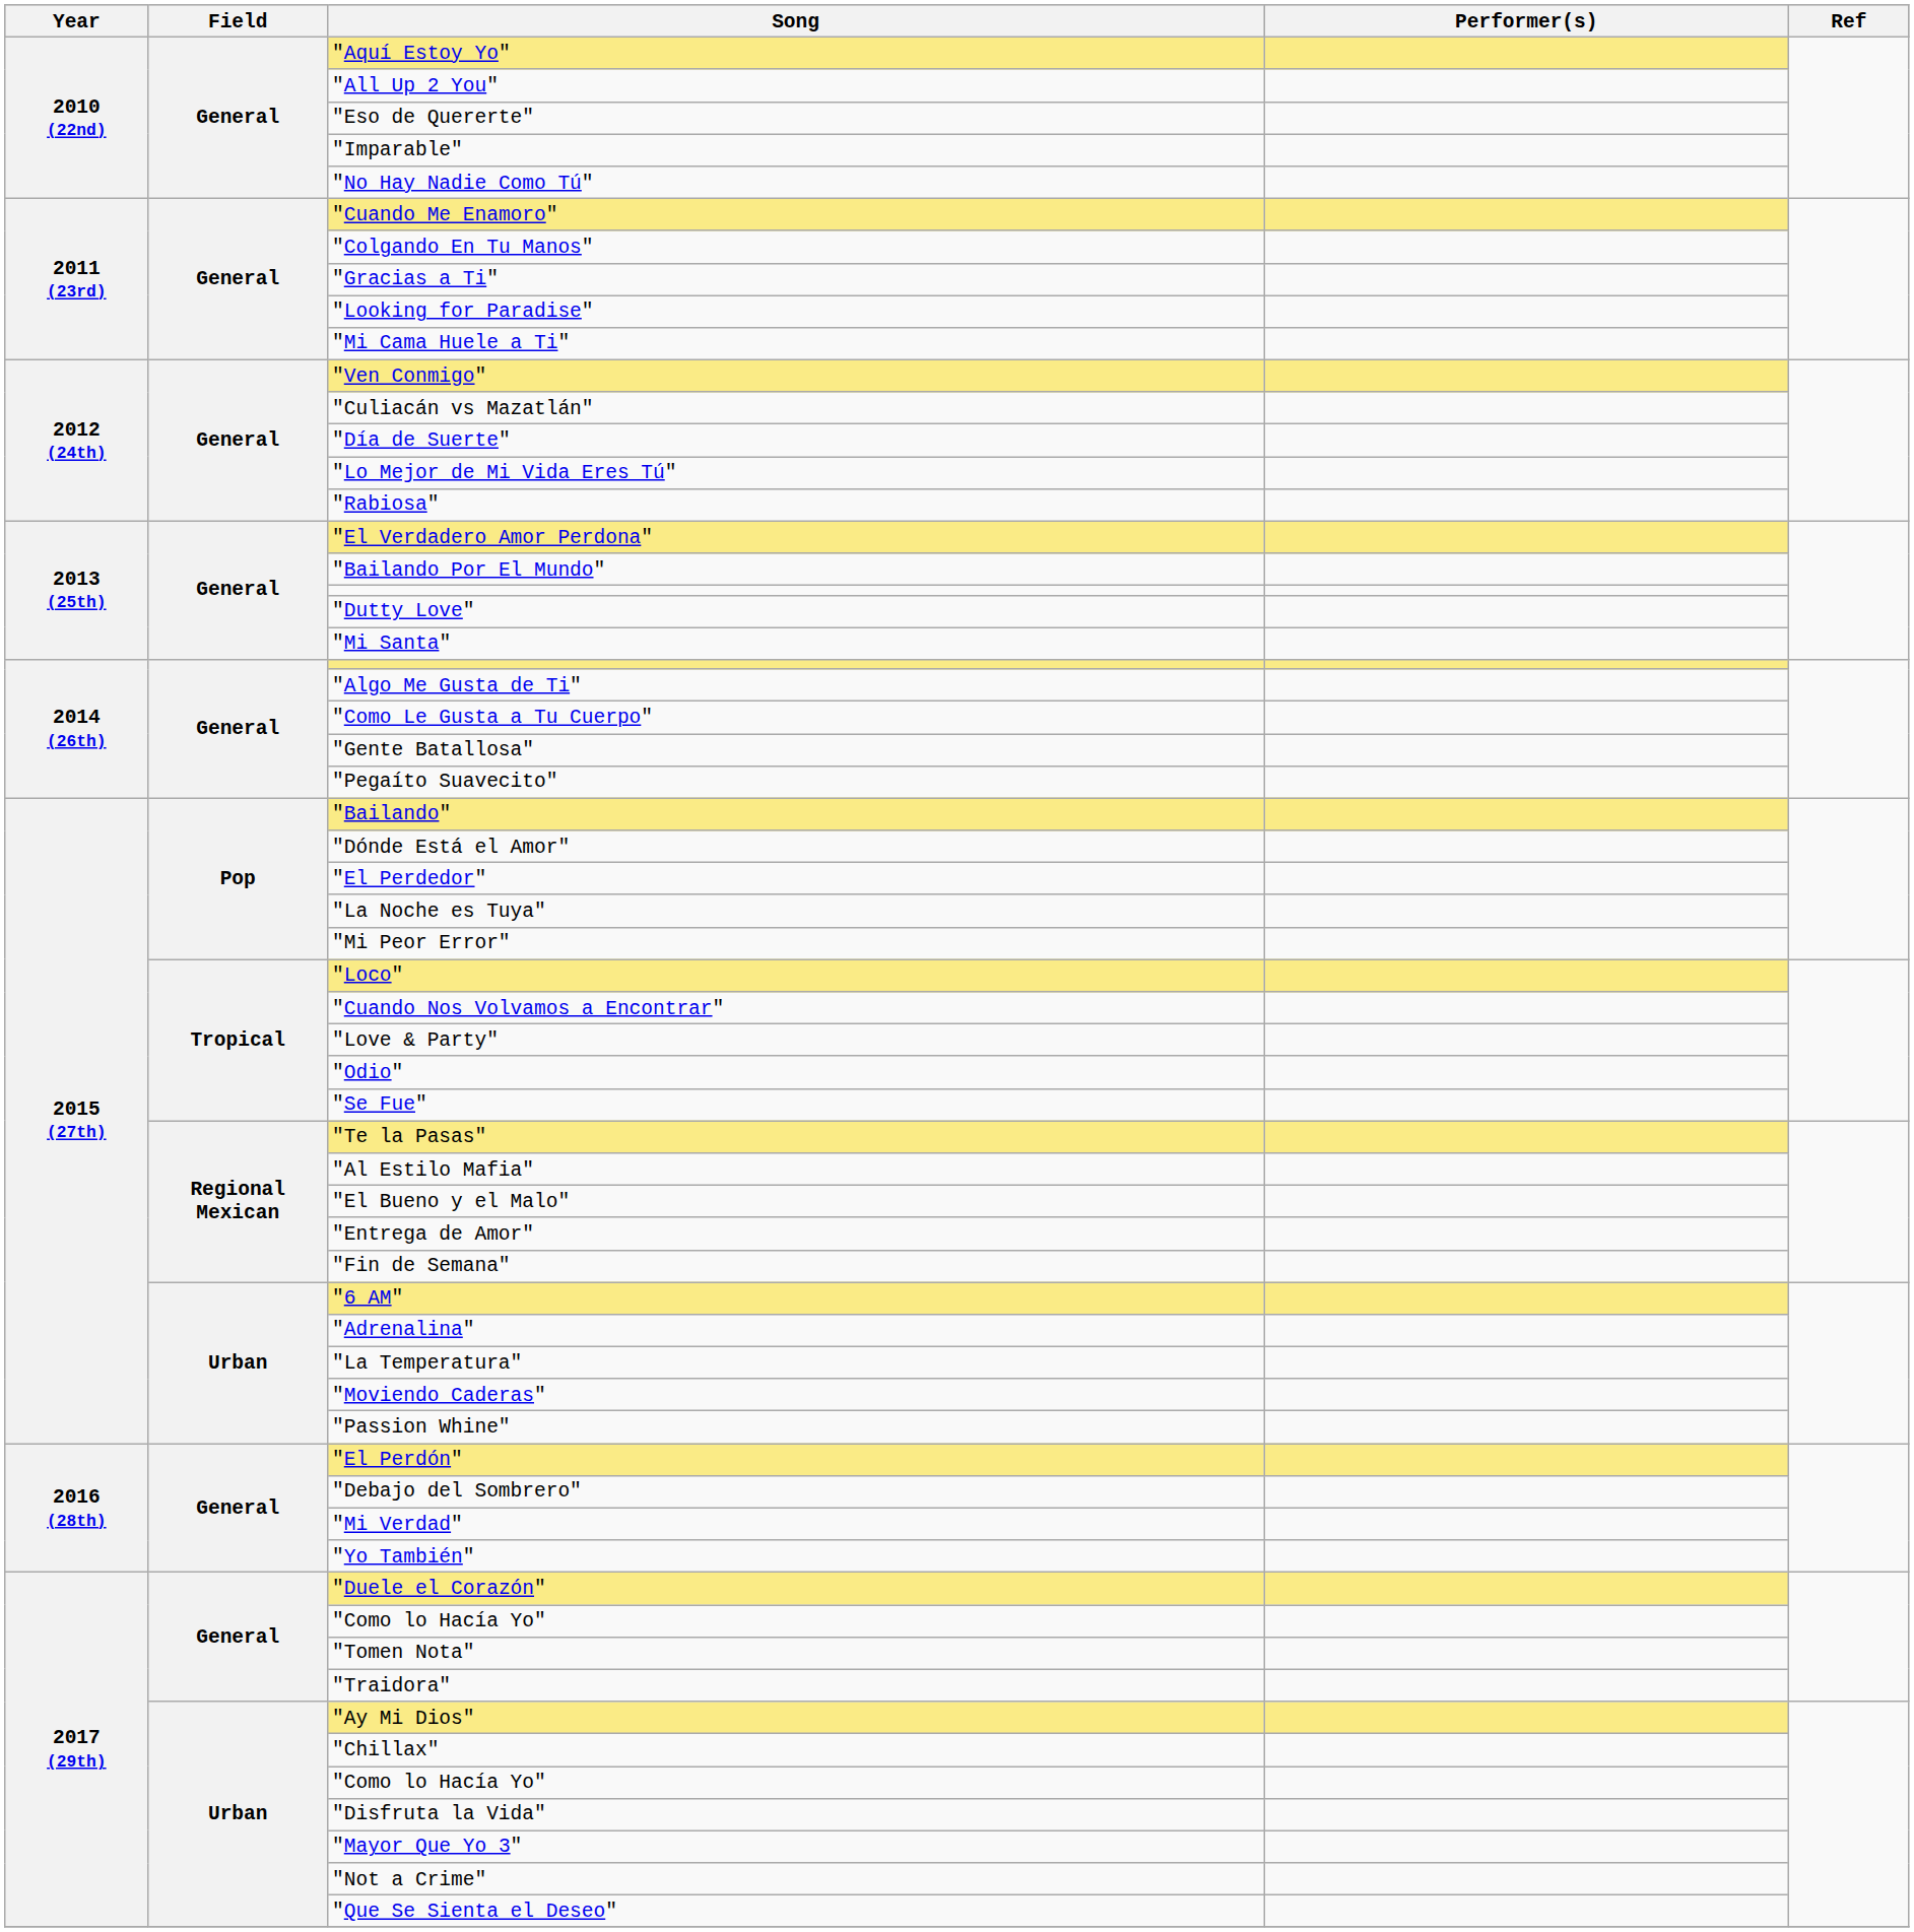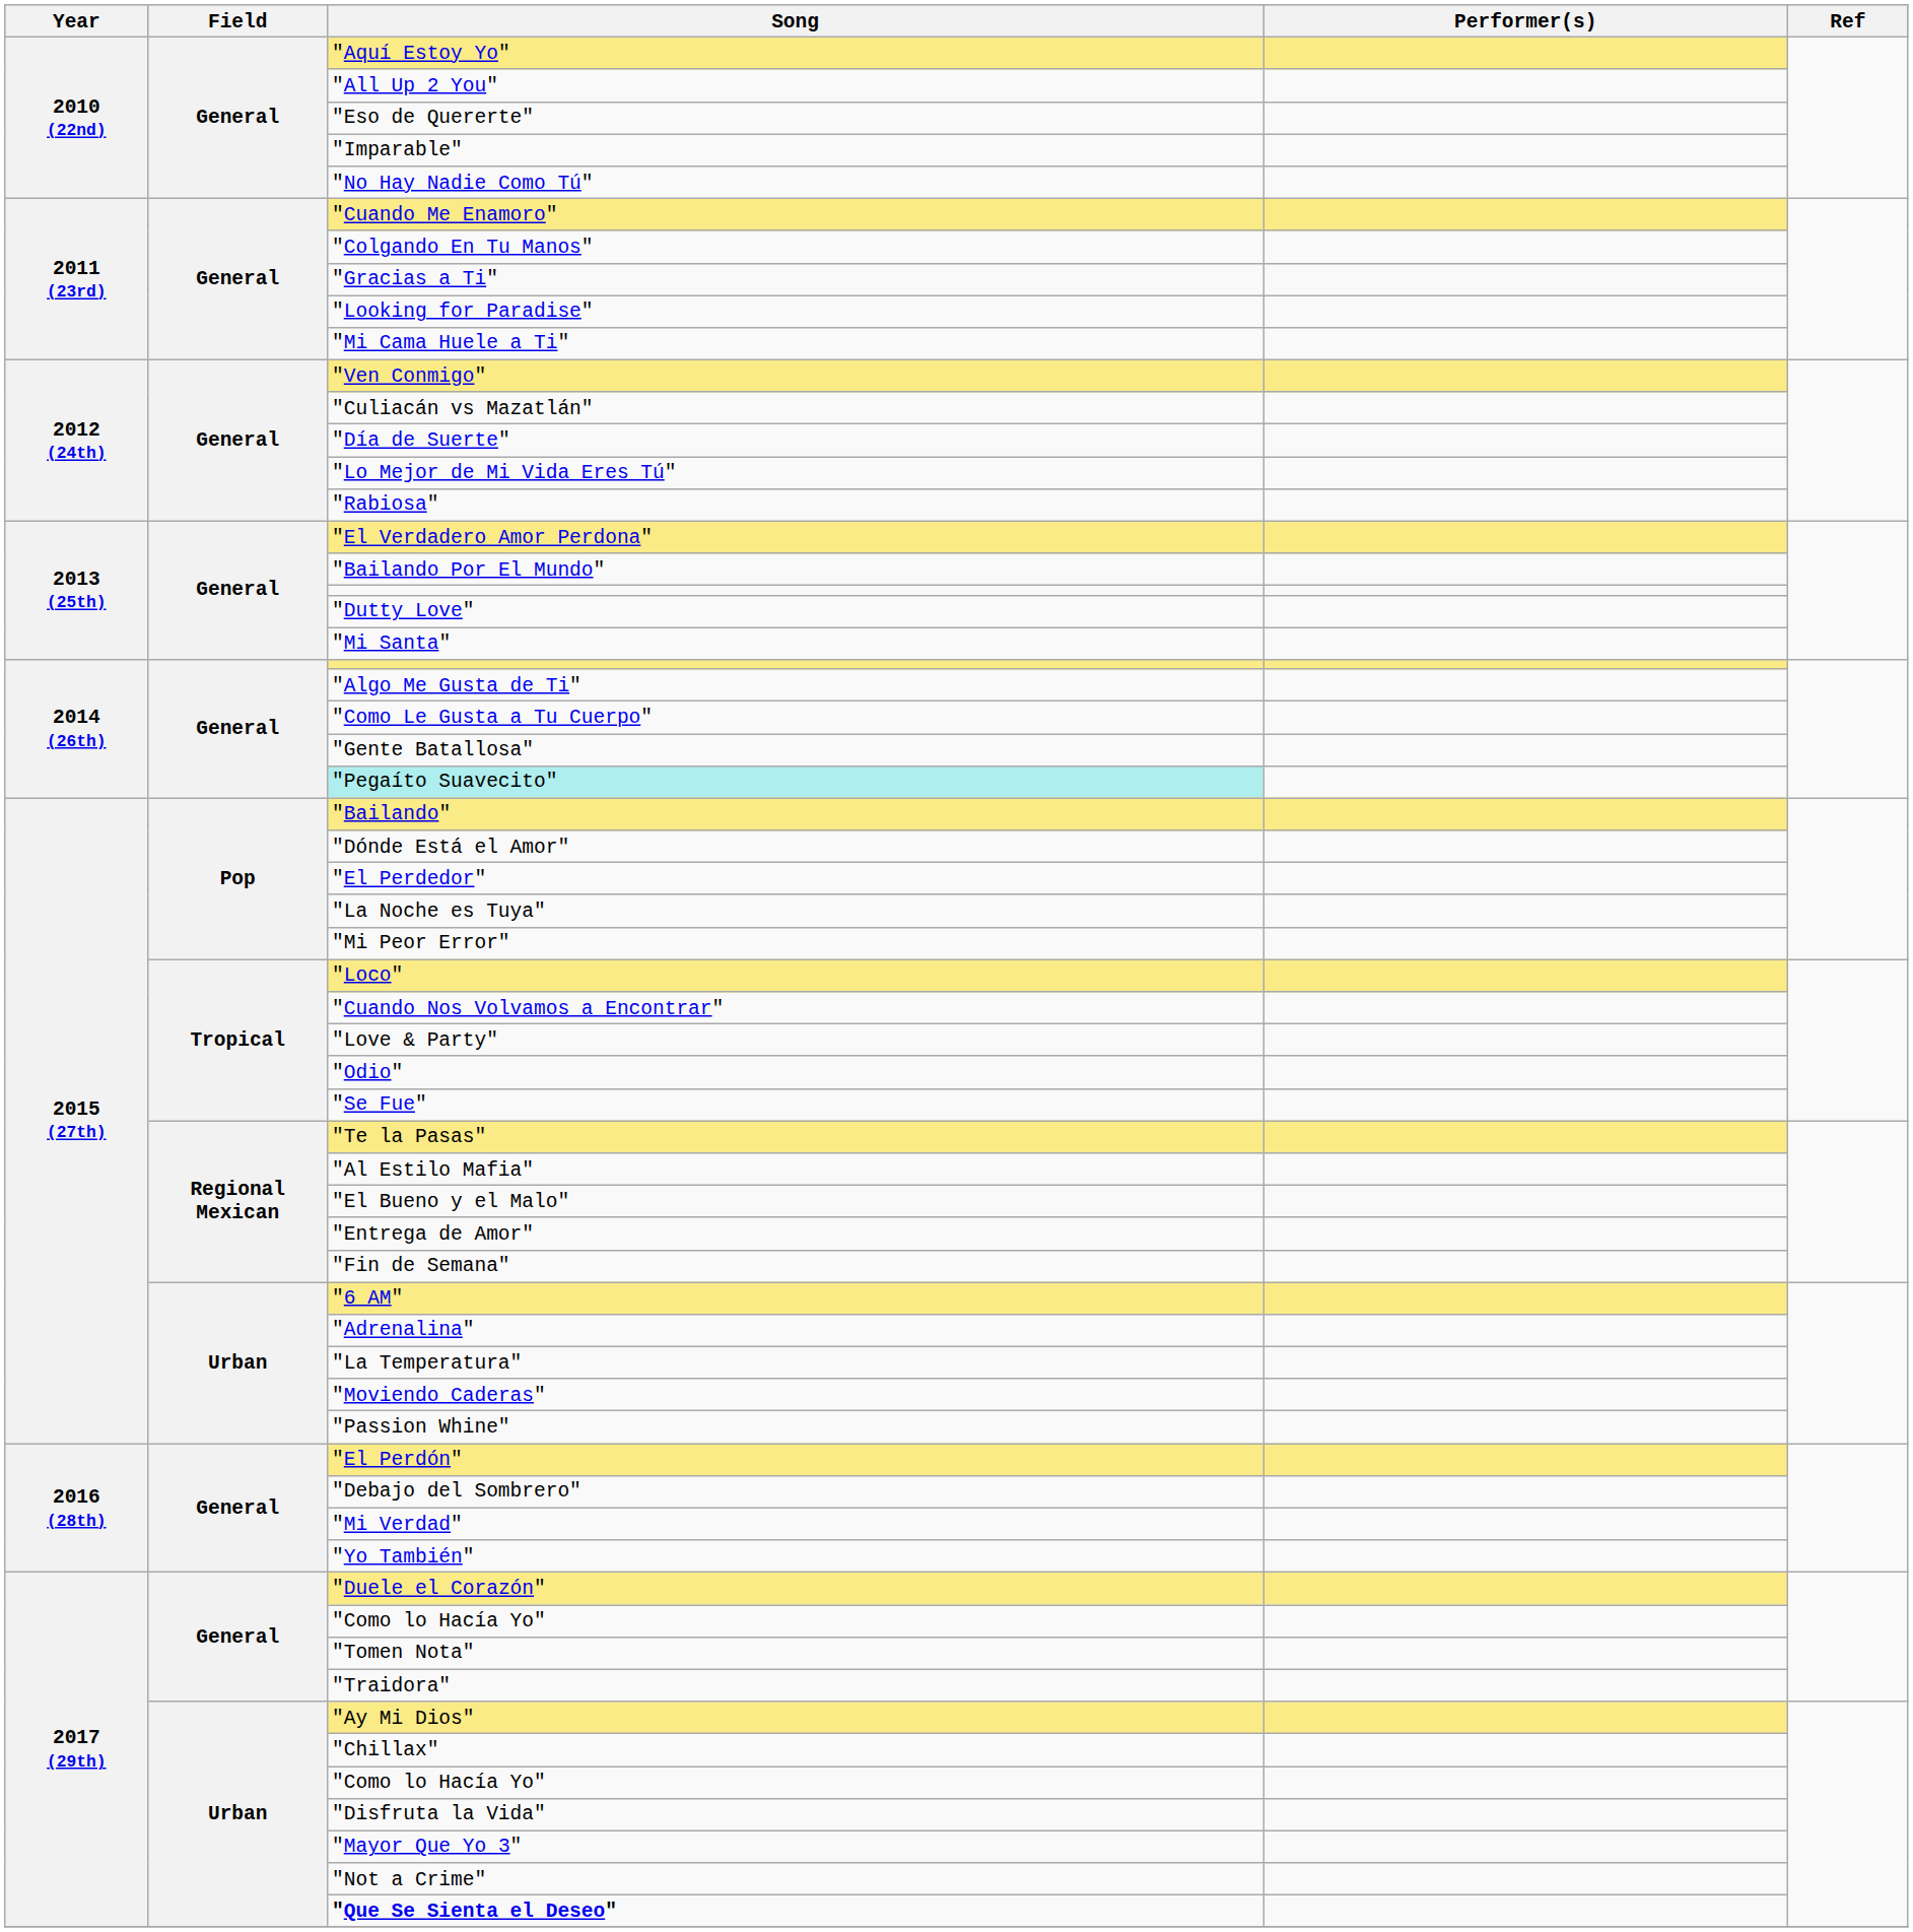 <table class="wikitable sortable">
 <tr style="background:#bebebe;">
 <th scope="col" style="width:1%;">Year</th>
 <th scope="col" style="width:1%;" class="unsortable">Field</th>
 <th scope="col" style="width:10%;">Song</th>
 <th scope="col" style="width:5%;">Performer(s)</th>
 <th scope="col" style="width:1%;" class="unsortable">Ref</th>
 </tr>
 <tr>
 <th scope="row" rowspan=5 style="text-align:center">2010 <br><small><a href='#'>(22nd)</a></small></th>
 <th scope="row" rowspan=5 style="text-align:center">General <br><small></small></th>
 <td style="background:#FAEB86">"<a href='#'>Aquí Estoy Yo</a>"</td>
 <td style="background:#FAEB86"></td>
 <td rowspan=5></td>
 </tr>
 <tr>
 <td>"<a href='#'>All Up 2 You</a>"</td>
 <td></td>
 </tr>
 <tr>
 <td>"Eso de Quererte"</td>
 <td></td>
 </tr>
 <tr>
 <td>"Imparable"</td>
 <td></td>
 </tr>
 <tr>
 <td>"<a href='#'>No Hay Nadie Como Tú</a>"</td>
 <td></td>
 </tr>
 <tr>
 <th scope="row" rowspan=5 style="text-align:center">2011 <br><small><a href='#'>(23rd)</a></small></th>
 <th scope="row" rowspan=5 style="text-align:center">General <br><small></small></th>
 <td style="background:#FAEB86">"<a href='#'>Cuando Me Enamoro</a>"</td>
 <td style="background:#FAEB86"></td>
 <td rowspan=5></td>
 </tr>
 <tr>
 <td>"<a href='#'>Colgando En Tu Manos</a>"</td>
 <td></td>
 </tr>
 <tr>
 <td>"<a href='#'>Gracias a Ti</a>"</td>
 <td></td>
 </tr>
 <tr>
 <td>"<a href='#'>Looking for Paradise</a>"</td>
 <td></td>
 </tr>
 <tr>
 <td>"<a href='#'>Mi Cama Huele a Ti</a>"</td>
 <td></td>
 </tr>
 <tr>
 <th scope="row" rowspan=5 style="text-align:center">2012 <br><small><a href='#'>(24th)</a></small></th>
 <th scope="row" rowspan=5 style="text-align:center">General <br><small></small></th>
 <td style="background:#FAEB86">"<a href='#'>Ven Conmigo</a>"</td>
 <td style="background:#FAEB86"></td>
 <td rowspan=5></td>
 </tr>
 <tr>
 <td>"Culiacán vs Mazatlán"</td>
 <td></td>
 </tr>
 <tr>
 <td>"<a href='#'>Día de Suerte</a>"</td>
 <td></td>
 </tr>
 <tr>
 <td>"<a href='#'>Lo Mejor de Mi Vida Eres Tú</a>"</td>
 <td></td>
 </tr>
 <tr>
 <td>"<a href='#'>Rabiosa</a>"</td>
 <td></td>
 </tr>
 <tr>
 <th scope="row" rowspan=5 style="text-align:center">2013 <br><small><a href='#'>(25th)</a></small></th>
 <th scope="row" rowspan=5 style="text-align:center">General <br><small></small></th>
 <td style="background:#FAEB86">"<a href='#'>El Verdadero Amor Perdona</a>"</td>
 <td style="background:#FAEB86"></td>
 <td rowspan=5></td>
 </tr>
 <tr>
 <td>"<a href='#'>Bailando Por El Mundo</a>"</td>
 <td></td>
 </tr>
 <tr>
 <td></td>
 <td></td>
 </tr>
 <tr>
 <td>"<a href='#'>Dutty Love</a>"</td>
 <td></td>
 </tr>
 <tr>
 <td>"<a href='#'>Mi Santa</a>"</td>
 <td></td>
 </tr>
 <tr>
 <th scope="row" rowspan=5 style="text-align:center">2014 <br><small><a href='#'>(26th)</a></small></th>
 <th scope="row" rowspan=5 style="text-align:center">General <br><small></small></th>
 <td style="background:#FAEB86"></td>
 <td style="background:#FAEB86"></td>
 <td rowspan=5></td>
 </tr>
 <tr>
 <td>"<a href='#'>Algo Me Gusta de Ti</a>"</td>
 <td></td>
 </tr>
 <tr>
 <td>"<a href='#'>Como Le Gusta a Tu Cuerpo</a>"</td>
 <td></td>
 </tr>
 <tr>
 <td>"Gente Batallosa"</td>
 <td></td>
 </tr>
 <tr>
-<td>"Pegaíto Suavecito"</td>
+<td style="background: paleturquoise;">"Pegaíto Suavecito"</td>
 <td></td>
 </tr>
 <tr>
 <th scope="row" rowspan=20 style="text-align:center">2015 <br><small><a href='#'>(27th)</a></small></th>
 <th scope="row" rowspan=5 style="text-align:center">Pop <br><small></small></th>
 <td style="background:#FAEB86">"<a href='#'>Bailando</a>"</td>
 <td style="background:#FAEB86"></td>
 <td rowspan=5></td>
 </tr>
 <tr>
 <td>"Dónde Está el Amor"</td>
 <td></td>
 </tr>
 <tr>
 <td>"<a href='#'>El Perdedor</a>"</td>
 <td></td>
 </tr>
 <tr>
 <td>"La Noche es Tuya"</td>
 <td></td>
 </tr>
 <tr>
 <td>"Mi Peor Error"</td>
 <td></td>
 </tr>
 <tr>
 <th scope="row" rowspan=5 style="text-align:center">Tropical <br><small></small></th>
 <td style="background:#FAEB86">"<a href='#'>Loco</a>"</td>
 <td style="background:#FAEB86"></td>
 <td rowspan=5 style="text-align:center;"></td>
 </tr>
 <tr>
 <td>"<a href='#'>Cuando Nos Volvamos a Encontrar</a>"</td>
 <td></td>
 </tr>
 <tr>
 <td>"Love & Party"</td>
 <td></td>
 </tr>
 <tr>
 <td>"<a href='#'>Odio</a>"</td>
 <td></td>
 </tr>
 <tr>
 <td>"<a href='#'>Se Fue</a>"</td>
 <td></td>
 </tr>
 <tr>
 <th scope="row" rowspan=5 style="text-align:center">Regional Mexican <br><small></small></th>
 <td style="background:#FAEB86">"Te la Pasas"</td>
 <td style="background:#FAEB86"></td>
 <td rowspan=5 style="text-align:center;"></td>
 </tr>
 <tr>
 <td>"Al Estilo Mafia"</td>
 <td></td>
 </tr>
 <tr>
 <td>"El Bueno y el Malo"</td>
 <td></td>
 </tr>
 <tr>
 <td>"Entrega de Amor"</td>
 <td></td>
 </tr>
 <tr>
 <td>"Fin de Semana"</td>
 <td></td>
 </tr>
 <tr>
 <th scope="row" rowspan=5 style="text-align:center">Urban <br><small></small></th>
 <td style="background:#FAEB86">"<a href='#'>6 AM</a>"</td>
 <td style="background:#FAEB86"></td>
 <td rowspan=5 style="text-align:center;"></td>
 </tr>
 <tr>
 <td>"<a href='#'>Adrenalina</a>"</td>
 <td></td>
 </tr>
 <tr>
 <td>"La Temperatura"</td>
 <td></td>
 </tr>
 <tr>
 <td>"<a href='#'>Moviendo Caderas</a>"</td>
 <td></td>
 </tr>
 <tr>
 <td>"Passion Whine"</td>
 <td></td>
 </tr>
 <tr>
 <th scope="row" rowspan=4 style="text-align:center">2016 <br><small><a href='#'>(28th)</a></small></th>
 <th scope="row" rowspan=4 style="text-align:center">General <br><small></small></th>
 <td style="background:#FAEB86">"<a href='#'>El Perdón</a>"</td>
 <td style="background:#FAEB86"></td>
 <td rowspan=4></td>
 </tr>
 <tr>
 <td>"Debajo del Sombrero"</td>
 <td></td>
 </tr>
 <tr>
 <td>"<a href='#'>Mi Verdad</a>"</td>
 <td></td>
 </tr>
 <tr>
 <td>"<a href='#'>Yo También</a>"</td>
 <td></td>
 </tr>
 <tr>
 <th scope="row" rowspan=11 style="text-align:center">2017 <br><small><a href='#'>(29th)</a></small></th>
 <th scope="row" rowspan=4 style="text-align:center">General <br><small></small></th>
 <td style="background:#FAEB86">"<a href='#'>Duele el Corazón</a>"</td>
 <td style="background:#FAEB86"></td>
 <td rowspan=4></td>
 </tr>
 <tr>
 <td>"Como lo Hacía Yo"</td>
 <td></td>
 </tr>
 <tr>
 <td>"Tomen Nota"</td>
 <td></td>
 </tr>
 <tr>
 <td>"Traidora"</td>
 <td></td>
 </tr>
 <tr>
 <th scope="row" rowspan=7 style="text-align:center">Urban <br><small></small></th>
 <td style="background:#FAEB86">"Ay Mi Dios"</td>
 <td style="background:#FAEB86"></td>
 <td rowspan=7 style="text-align:center;"></td>
 </tr>
 <tr>
 <td>"Chillax"</td>
 <td></td>
 </tr>
 <tr>
 <td>"Como lo Hacía Yo"</td>
 <td></td>
 </tr>
 <tr>
 <td>"Disfruta la Vida"</td>
 <td></td>
 </tr>
 <tr>
 <td>"<a href='#'>Mayor Que Yo 3</a>"</td>
 <td></td>
 </tr>
 <tr>
 <td>"Not a Crime"</td>
 <td></td>
 </tr>
 <tr>
-<td>"<a href='#'>Que Se Sienta el Deseo</a>"</td>
+<td><strong>"<a href='#'>Que Se Sienta el Deseo</a>"</strong></td>
 <td></td>
 </tr>
 <tr>
 </tr>
 </table>
